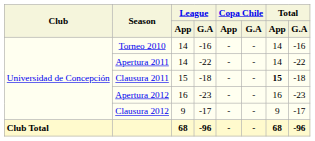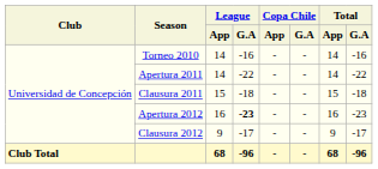 <table border=1 align=center cellpadding=4 cellspacing=2 style="background: ivory; font-size: 95%; border: 1px #aaaaaa solid; border-collapse: collapse; clear:center">
 <tr style="background:beige">
 <th rowspan="2">Club</th>
 <th rowspan="2">Season</th>
 <th colspan="2"><a href='#'>League</a></th>
 <th colspan="2"><a href='#'>Copa Chile</a></th>
 <th colspan="2">Total</th>
 </tr>
 <tr style="background:beige">
 <th>App</th>
 <th>G.A</th>
 <th>App</th>
 <th>G.A</th>
 <th>App</th>
 <th>G.A</th>
 </tr>
 <tr>
 <td rowspan="5"><a href='#'>Universidad de Concepción</a></td>
 <td align="center"><a href='#'>Torneo 2010</a></td>
 <td align="center">14</td>
 <td align="center">-16</td>
 <td align="center">-</td>
 <td align="center">-</td>
 <td align="center">14</td>
 <td align="center">-16</td>
 </tr>
 <tr>
 <td align="center"><a href='#'>Apertura 2011</a></td>
 <td align="center">14</td>
 <td align="center">-22</td>
 <td align="center">-</td>
 <td align="center">-</td>
 <td align="center">14</td>
 <td align="center">-22</td>
 </tr>
 <tr>
 <td align="center"><a href='#'>Clausura 2011</a></td>
 <td align="center">15</td>
 <td align="center">-18</td>
 <td align="center">-</td>
 <td align="center">-</td>
-<td align="center"><strong>15</strong></td>
+<td align="center">15</td>
 <td align="center">-18</td>
 </tr>
 <tr>
 <td align="center"><a href='#'>Apertura 2012</a></td>
 <td align="center">16</td>
-<td align="center">-23</td>
+<td align="center"><strong>-23</strong></td>
 <td align="center">-</td>
 <td align="center">-</td>
 <td align="center">16</td>
 <td align="center">-23</td>
 </tr>
 <tr>
 <td align="center"><a href='#'>Clausura 2012</a></td>
 <td align="center">9</td>
 <td align="center">-17</td>
 <td align="center">-</td>
 <td align="center">-</td>
 <td align="center">9</td>
 <td align="center">-17</td>
 </tr>
 <tr style="background:lemonchiffon">
 <th colspan="1" align="left">Club Total</th>
 <th></th>
 <th>68</th>
 <th>-96</th>
 <th>-</th>
 <th>-</th>
 <th>68</th>
 <th>-96</th>
 </tr>
 </table>
